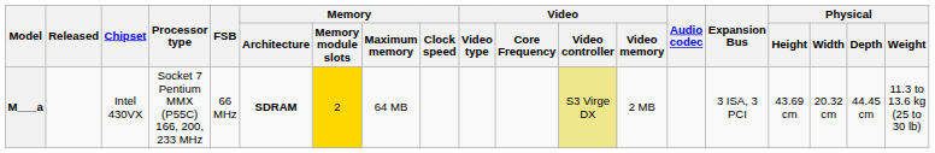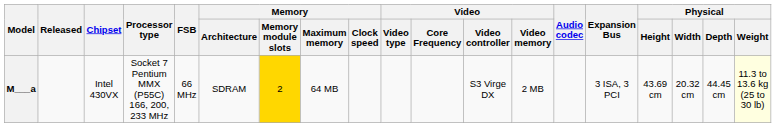 <table class="wikitable" style="font-size: 85%; text-align: center; width: 100%;">
 <tr>
 <th rowspan="2" style="width:12em">Model</th>
 <th rowspan="2">Released</th>
 <th rowspan="2"><a href='#'>Chipset</a></th>
 <th rowspan="2" style="text-align:center;">Processor type</th>
 <th rowspan="2">FSB</th>
 <th colspan="4" style="text-align:center;">Memory</th>
 <th colspan="4" style="text-align:center;">Video</th>
 <th rowspan="2"><a href='#'>Audio codec</a></th>
 <th rowspan="2">Expansion Bus</th>
 <th colspan="4" style="text-align:center;">Physical</th>
 </tr>
 <tr>
 <th>Architecture</th>
 <th>Memory module slots</th>
 <th>Maximum memory</th>
 <th>Clock speed</th>
 <th>Video type</th>
 <th>Core Frequency</th>
 <th>Video controller</th>
 <th>Video memory</th>
 <th>Height</th>
 <th>Width</th>
 <th>Depth</th>
 <th>Weight</th>
 </tr>
 <tr>
 <th style="text-align:left;">M___a</th>
 <td></td>
 <td>Intel 430VX</td>
 <td>Socket 7<br>Pentium MMX (P55C)<br>166, 200, 233 MHz</td>
 <td>66 MHz</td>
-<td><strong>SDRAM</strong></td>
+<td>SDRAM</td>
 <td style="background: gold;">2</td>
 <td>64 MB</td>
 <td></td>
 <td></td>
 <td></td>
-<td style="background: khaki;">S3 Virge DX</td>
+<td>S3 Virge DX</td>
 <td>2 MB</td>
 <td></td>
 <td>3 ISA, 3 PCI</td>
 <td>43.69 cm</td>
 <td>20.32 cm</td>
 <td>44.45 cm</td>
-<td>11.3 to 13.6 kg (25 to 30 lb)</td>
+<td style="background: lightyellow;">11.3 to 13.6 kg (25 to 30 lb)</td>
 </tr>
 </table>
